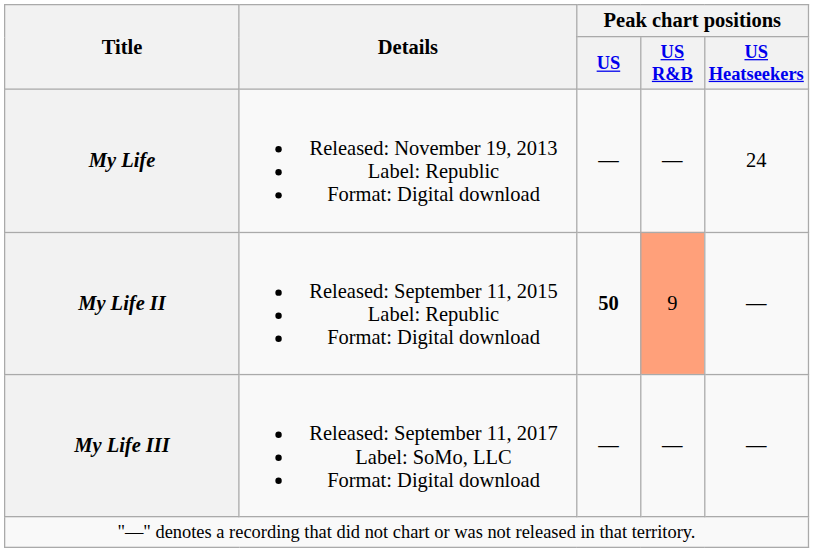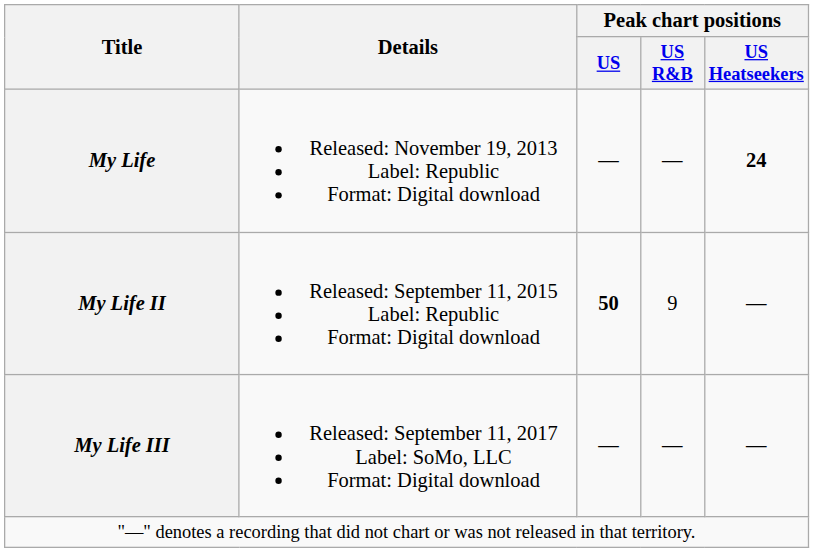 <table class="wikitable plainrowheaders" style="text-align:center;">
 <tr>
 <th scope="col" rowspan="2" style="width:11em;">Title</th>
 <th scope="col" rowspan="2" style="width:16em;">Details</th>
 <th scope="col" colspan="3">Peak chart positions</th>
 </tr>
 <tr>
 <th scope="col" style="width:3em;font-size:90%;"><a href='#'>US</a><br></th>
 <th scope="col" style="width:3em;font-size:90%;"><a href='#'>US R&B</a><br></th>
 <th scope="col" style="width:3em;font-size:90%;"><a href='#'>US Heatseekers</a><br></th>
 </tr>
 <tr>
 <th scope="row"><em>My Life</em></th>
 <td><br><ul><li>Released: November 19, 2013</li><li>Label: Republic</li><li>Format: Digital download</li></ul></td>
 <td>—</td>
 <td>—</td>
-<td>24</td>
+<td><strong>24</strong></td>
 </tr>
 <tr>
 <th scope="row"><em>My Life II</em></th>
 <td><br><ul><li>Released: September 11, 2015</li><li>Label: Republic</li><li>Format: Digital download</li></ul></td>
 <td><strong>50</strong></td>
-<td style="background: lightsalmon;">9</td>
+<td>9</td>
 <td>—</td>
 </tr>
 <tr>
 <th scope="row"><em>My Life III</em></th>
 <td><br><ul><li>Released: September 11, 2017</li><li>Label: SoMo, LLC</li><li>Format: Digital download</li></ul></td>
 <td>—</td>
 <td>—</td>
 <td>—</td>
 </tr>
 <tr>
 <td colspan="6" style="font-size:90%">"—" denotes a recording that did not chart or was not released in that territory.</td>
 </tr>
 </table>
